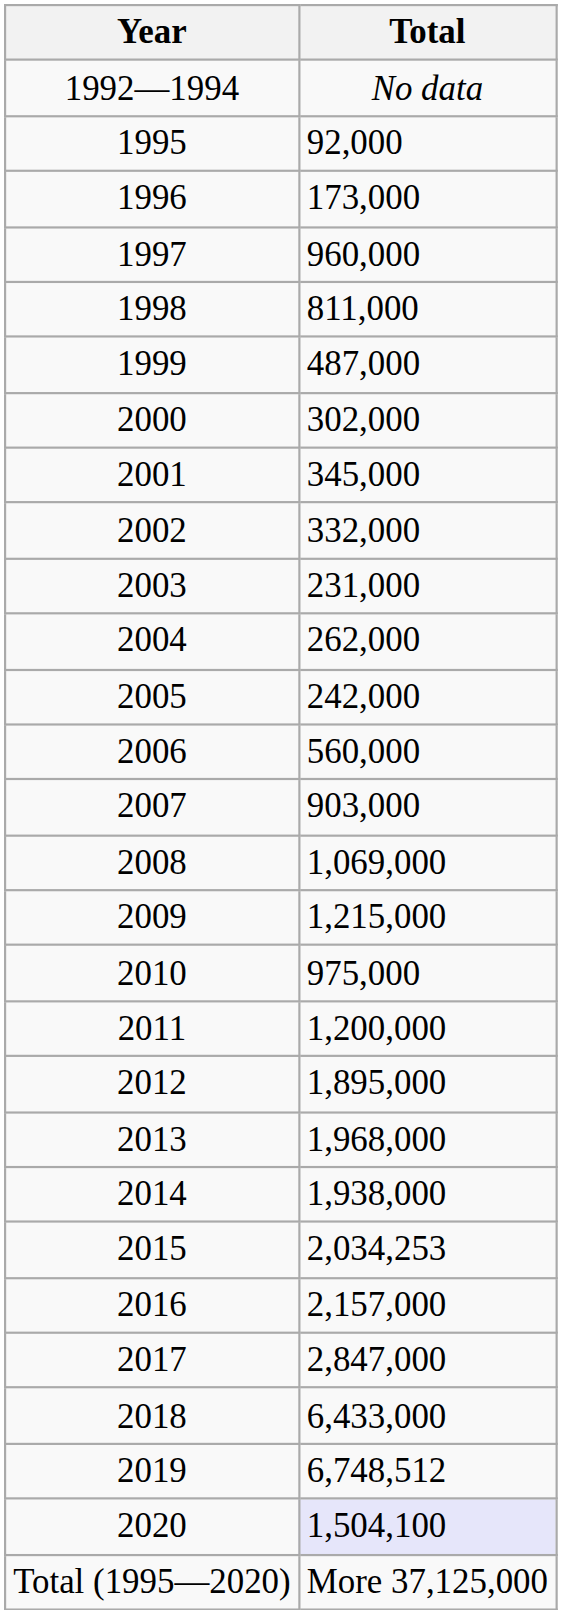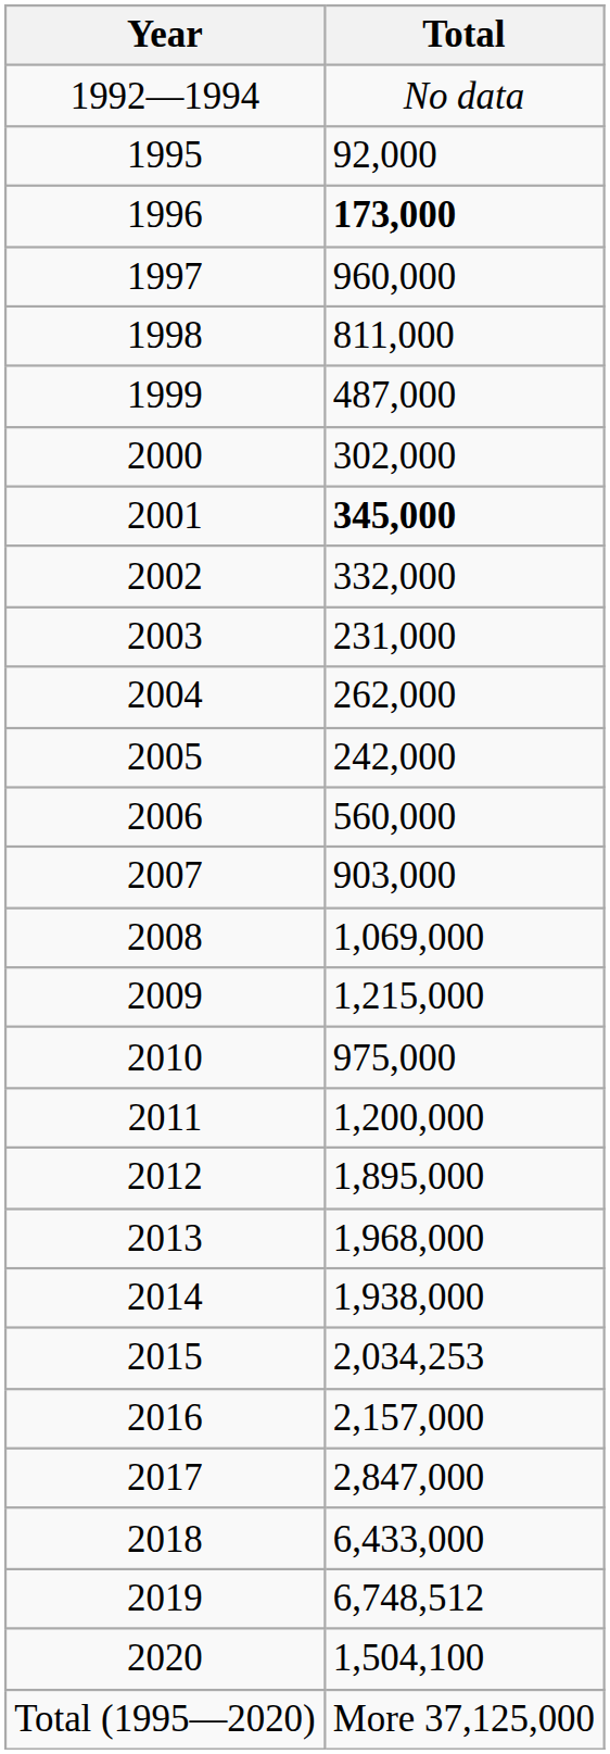 <table class="wikitable collapsible collapsed sortable ">
 <tr>
 <th>Year</th>
 <th>Total</th>
 </tr>
 <tr>
 <td style="text-align:center;">1992—1994</td>
 <td style="text-align:center;"><em>No data</em></td>
 </tr>
 <tr>
 <td style="text-align:center;">1995</td>
 <td> 92,000</td>
 </tr>
 <tr>
 <td style="text-align:center;">1996</td>
-<td> 173,000</td>
+<td><strong> 173,000</strong></td>
 </tr>
 <tr>
 <td style="text-align:center;">1997</td>
 <td> 960,000</td>
 </tr>
 <tr>
 <td style="text-align:center;">1998</td>
 <td> 811,000</td>
 </tr>
 <tr>
 <td style="text-align:center;">1999</td>
 <td> 487,000</td>
 </tr>
 <tr>
 <td style="text-align:center;">2000</td>
 <td> 302,000</td>
 </tr>
 <tr>
 <td style="text-align:center;">2001</td>
-<td> 345,000</td>
+<td><strong> 345,000</strong></td>
 </tr>
 <tr>
 <td style="text-align:center;">2002</td>
 <td> 332,000</td>
 </tr>
 <tr>
 <td style="text-align:center;">2003</td>
 <td> 231,000</td>
 </tr>
 <tr>
 <td style="text-align:center;">2004</td>
 <td> 262,000</td>
 </tr>
 <tr>
 <td style="text-align:center;">2005</td>
 <td> 242,000</td>
 </tr>
 <tr>
 <td style="text-align:center;">2006</td>
 <td> 560,000</td>
 </tr>
 <tr>
 <td style="text-align:center;">2007</td>
 <td> 903,000</td>
 </tr>
 <tr>
 <td style="text-align:center;">2008</td>
 <td> 1,069,000</td>
 </tr>
 <tr>
 <td style="text-align:center;">2009</td>
 <td> 1,215,000</td>
 </tr>
 <tr>
 <td style="text-align:center;">2010</td>
 <td> 975,000</td>
 </tr>
 <tr>
 <td style="text-align:center;">2011</td>
 <td> 1,200,000</td>
 </tr>
 <tr>
 <td style="text-align:center;">2012</td>
 <td> 1,895,000</td>
 </tr>
 <tr>
 <td style="text-align:center;">2013</td>
 <td> 1,968,000</td>
 </tr>
 <tr>
 <td style="text-align:center;">2014</td>
 <td> 1,938,000</td>
 </tr>
 <tr>
 <td style="text-align:center;">2015</td>
 <td> 2,034,253</td>
 </tr>
 <tr>
 <td style="text-align:center;">2016</td>
 <td> 2,157,000</td>
 </tr>
 <tr>
 <td style="text-align:center;">2017</td>
 <td> 2,847,000</td>
 </tr>
 <tr>
 <td style="text-align:center;">2018</td>
 <td> 6,433,000</td>
 </tr>
 <tr>
 <td style="text-align:center;">2019</td>
 <td> 6,748,512</td>
 </tr>
 <tr>
 <td style="text-align:center;">2020</td>
-<td style="background: lavender;"> 1,504,100</td>
+<td> 1,504,100</td>
 </tr>
 <tr>
 <td>Total (1995—2020)</td>
 <td>More 37,125,000</td>
 </tr>
 </table>
